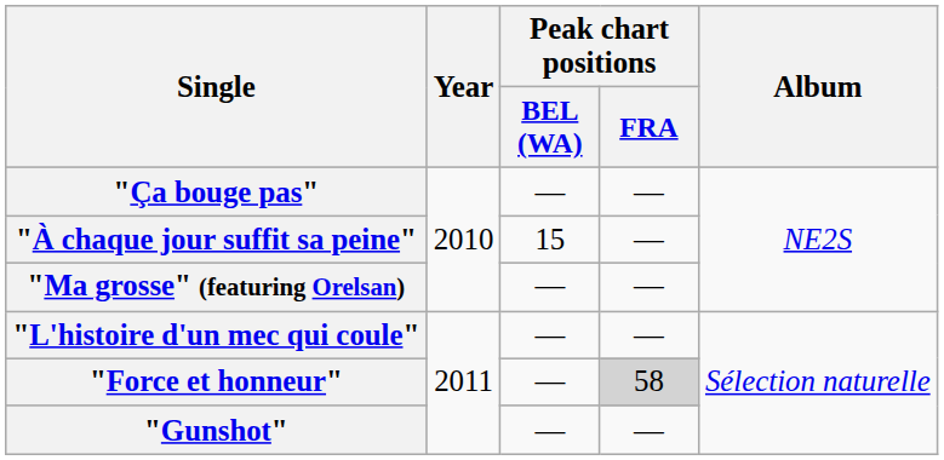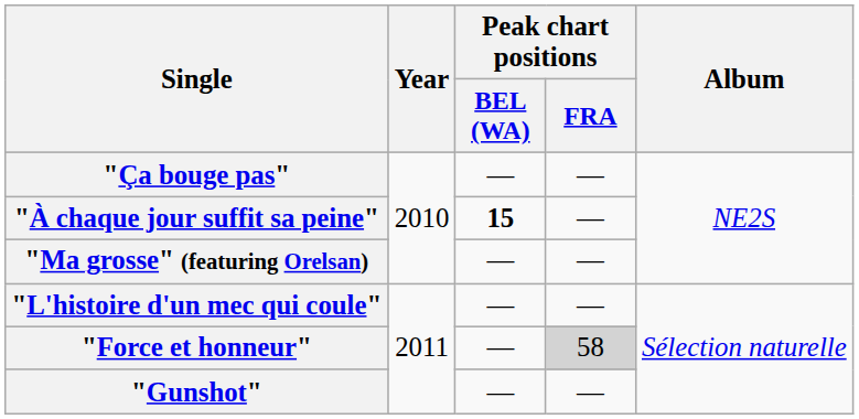 <table class="wikitable plainrowheaders" style="text-align:center;">
 <tr>
 <th scope="col" rowspan="2">Single</th>
 <th scope="col" rowspan="2">Year</th>
 <th scope="col" colspan="2">Peak chart positions</th>
 <th scope="col" rowspan="2">Album</th>
 </tr>
 <tr>
 <th scope="col" style="width:3em;font-size:95%;"><a href='#'>BEL (WA)</a><br></th>
 <th scope="col" style="width:3em;font-size:95%;"><a href='#'>FRA</a><br></th>
 </tr>
 <tr>
 <th scope="row">"<a href='#'>Ça bouge pas</a>"</th>
 <td rowspan="3">2010</td>
 <td>—</td>
 <td>—</td>
 <td rowspan="3"><em><a href='#'>NE2S</a></em></td>
 </tr>
 <tr>
 <th scope="row">"<a href='#'>À chaque jour suffit sa peine</a>"</th>
-<td>15</td>
+<td><strong>15</strong></td>
 <td>—</td>
 </tr>
 <tr>
 <th scope="row">"<a href='#'>Ma grosse</a>" <small>(featuring <a href='#'>Orelsan</a>)</small></th>
 <td>—</td>
 <td>—</td>
 </tr>
 <tr>
 <th scope="row">"<a href='#'>L'histoire d'un mec qui coule</a>"</th>
 <td rowspan="3">2011</td>
 <td>—</td>
 <td>—</td>
 <td rowspan="3"><em><a href='#'>Sélection naturelle</a></em></td>
 </tr>
 <tr>
 <th scope="row">"<a href='#'>Force et honneur</a>"</th>
 <td>—</td>
 <td style="background: lightgrey;">58</td>
 </tr>
 <tr>
 <th scope="row">"<a href='#'>Gunshot</a>"</th>
 <td>—</td>
 <td>—</td>
 </tr>
 </table>
